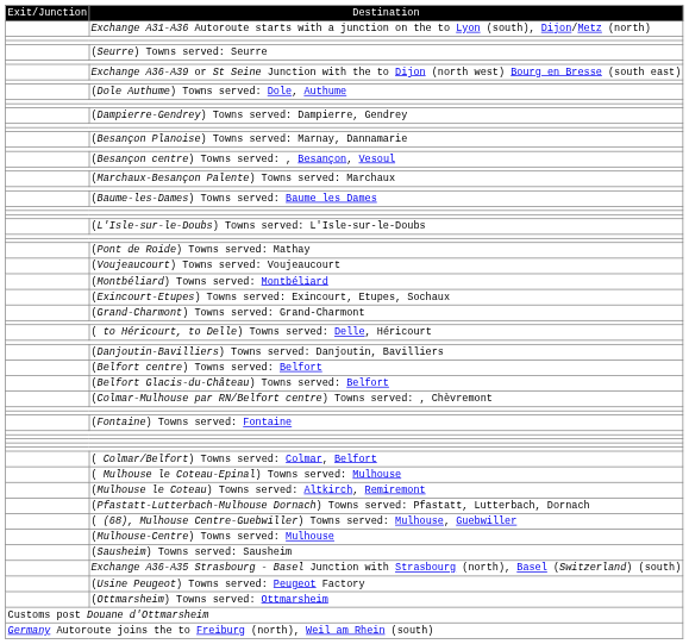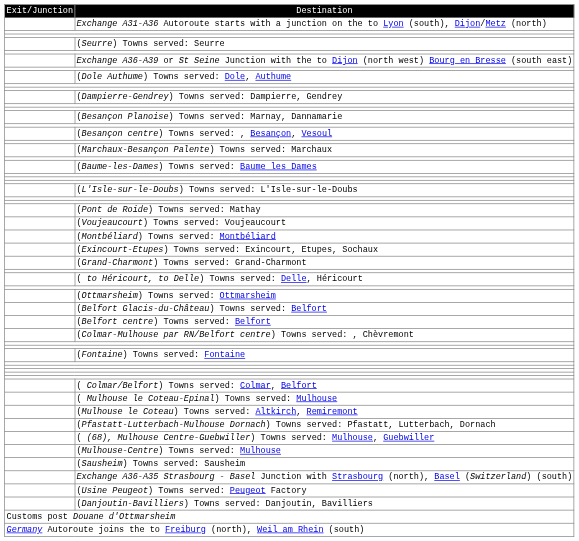 <table border=1 cellpadding=2 style="margin-left:1em; margin-bottom: 1em; color: black; border-collapse: collapse; font-size: 95%;">
 <tr align="center" bgcolor="000000" style="color: white">
 <td>Exit/Junction</td>
 <td>Destination</td>
 </tr>
 <tr>
 <td></td>
 <td><em>Exchange A31-A36</em> Autoroute starts with a junction on the <em></em> to <a href='#'>Lyon</a> (south), <a href='#'>Dijon</a>/<a href='#'>Metz</a> (north)</td>
 </tr>
 <tr>
 <td colspan="2"></td>
 </tr>
 <tr>
 <td colspan="2"></td>
 </tr>
 <tr>
 <td></td>
 <td>(<em>Seurre</em>) Towns served: Seurre</td>
 </tr>
 <tr>
 <td colspan="2"></td>
 </tr>
 <tr>
 <td></td>
 <td><em>Exchange A36-A39</em> or <em>St Seine</em> Junction with the <em></em> to <a href='#'>Dijon</a> (north west) <a href='#'>Bourg en Bresse</a> (south east)</td>
 </tr>
 <tr>
 <td colspan="2"></td>
 </tr>
 <tr>
 <td></td>
 <td>(<em>Dole Authume</em>) Towns served: <a href='#'>Dole</a>, <a href='#'>Authume</a></td>
 </tr>
 <tr>
 <td colspan="2"></td>
 </tr>
 <tr>
 <td colspan="2"></td>
 </tr>
 <tr>
 <td></td>
 <td>(<em>Dampierre-Gendrey</em>) Towns served: Dampierre, Gendrey</td>
 </tr>
 <tr>
 <td colspan="2"></td>
 </tr>
 <tr>
 <td colspan="2"></td>
 </tr>
 <tr>
 <td></td>
 <td>(<em>Besançon Planoise</em>) Towns served: Marnay, Dannamarie</td>
 </tr>
 <tr>
 <td colspan="2"></td>
 </tr>
 <tr>
 <td></td>
 <td>(<em>Besançon centre</em>) Towns served:  <strong><em></em></strong>, <a href='#'>Besançon</a>, <a href='#'>Vesoul</a></td>
 </tr>
 <tr>
 <td colspan="2"></td>
 </tr>
 <tr>
 <td></td>
 <td>(<em>Marchaux-Besançon Palente</em>) Towns served: Marchaux</td>
 </tr>
 <tr>
 <td colspan="2"></td>
 </tr>
 <tr>
 <td></td>
 <td>(<em>Baume-les-Dames</em>) Towns served: <a href='#'>Baume les Dames</a></td>
 </tr>
 <tr>
 <td colspan="2"></td>
 </tr>
 <tr>
 <td colspan="2"></td>
 </tr>
 <tr>
 <td colspan="2"></td>
 </tr>
 <tr>
 <td></td>
 <td>(<em>L'Isle-sur-le-Doubs</em>) Towns served: L'Isle-sur-le-Doubs</td>
 </tr>
 <tr>
 <td colspan="2"></td>
 </tr>
 <tr>
 <td colspan="2"></td>
 </tr>
 <tr>
 <td></td>
 <td>(<em>Pont de Roide</em>) Towns served: Mathay</td>
 </tr>
 <tr>
 <td></td>
 <td>(<em>Voujeaucourt</em>) Towns served: Voujeaucourt</td>
 </tr>
 <tr>
 <td></td>
 <td>(<em>Montbéliard</em>) Towns served: <a href='#'>Montbéliard</a></td>
 </tr>
 <tr>
 <td></td>
 <td>(<em>Exincourt-Etupes</em>) Towns served: Exincourt, Etupes, Sochaux</td>
 </tr>
 <tr>
 <td></td>
 <td>(<em>Grand-Charmont</em>) Towns served: Grand-Charmont</td>
 </tr>
 <tr>
 <td colspan="2"></td>
 </tr>
 <tr>
 <td></td>
 <td>(<strong><em></em></strong> <em>to Héricourt, <strong></strong> to Delle</em>) Towns served: <a href='#'>Delle</a>, Héricourt</td>
 </tr>
 <tr>
 <td colspan="2"></td>
 </tr>
 <tr>
 <td></td>
-<td>(<em>Danjoutin-Bavilliers</em>) Towns served: Danjoutin, Bavilliers</td>
+<td>(<em>Ottmarsheim</em>) Towns served: <a href='#'>Ottmarsheim</a></td>
+</tr>
+<tr>
+<td></td>
+<td>(<em>Belfort Glacis-du-Château</em>) Towns served: <a href='#'>Belfort</a></td>
 </tr>
 <tr>
 <td></td>
 <td>(<em>Belfort centre</em>) Towns served: <a href='#'>Belfort</a></td>
-</tr>
-<tr>
-<td></td>
-<td>(<em>Belfort Glacis-du-Château</em>) Towns served: <a href='#'>Belfort</a></td>
 </tr>
 <tr>
 <td></td>
 <td>(<em>Colmar-Mulhouse par RN/Belfort centre</em>) Towns served: <strong><em></em></strong>, Chèvremont</td>
 </tr>
 <tr>
 <td colspan="2"></td>
 </tr>
 <tr>
 <td colspan="2"></td>
 </tr>
 <tr>
 <td></td>
 <td>(<em>Fontaine</em>) Towns served: <a href='#'>Fontaine</a></td>
 </tr>
 <tr>
 <td colspan="2"></td>
 </tr>
 <tr>
 <td colspan="2"></td>
 </tr>
 <tr>
 <td colspan="2"></td>
 </tr>
 <tr>
 <td colspan="2"></td>
 </tr>
 <tr>
 <td colspan="2"></td>
 </tr>
 <tr>
 <td></td>
 <td>(<strong><em></em></strong> <em>Colmar/Belfort</em>) Towns served: <a href='#'>Colmar</a>, <a href='#'>Belfort</a></td>
 </tr>
 <tr>
 <td></td>
 <td>(<strong><em></em></strong> <em>Mulhouse le Coteau-Epinal</em>) Towns served: <a href='#'>Mulhouse</a></td>
 </tr>
 <tr>
 <td></td>
 <td>(<em>Mulhouse le Coteau</em>) Towns served: <a href='#'>Altkirch</a>, <a href='#'>Remiremont</a></td>
 </tr>
 <tr>
 <td></td>
 <td>(<em>Pfastatt-Lutterbach-Mulhouse Dornach</em>) Towns served: Pfastatt, Lutterbach, Dornach</td>
 </tr>
 <tr>
 <td></td>
 <td>(<strong><em></em></strong> <em>(68), Mulhouse Centre-Guebwiller</em>) Towns served: <a href='#'>Mulhouse</a>, <a href='#'>Guebwiller</a></td>
 </tr>
 <tr>
 <td></td>
 <td>(<em>Mulhouse-Centre</em>) Towns served: <a href='#'>Mulhouse</a></td>
 </tr>
 <tr>
 <td></td>
 <td>(<em>Sausheim</em>) Towns served:  Sausheim</td>
 </tr>
 <tr>
 <td></td>
 <td><em>Exchange A36-A35 Strasbourg - Basel</em> Junction with <strong><em></em></strong> <a href='#'>Strasbourg</a> (north), <a href='#'>Basel</a> (<em>Switzerland</em>) (south)</td>
 </tr>
 <tr>
 <td></td>
 <td>(<em>Usine Peugeot</em>) Towns served: <a href='#'>Peugeot</a> Factory</td>
 </tr>
 <tr>
 <td></td>
-<td>(<em>Ottmarsheim</em>) Towns served: <a href='#'>Ottmarsheim</a></td>
+<td>(<em>Danjoutin-Bavilliers</em>) Towns served: Danjoutin, Bavilliers</td>
 </tr>
 <tr>
 <td colspan="2">Customs post <em>Douane d'Ottmarsheim</em></td>
 </tr>
 <tr>
 <td colspan="2"> <em><a href='#'>Germany</a></em> Autoroute joins the <strong><em></em></strong> to <a href='#'>Freiburg</a> (north), <a href='#'>Weil am Rhein</a> (south)</td>
 </tr>
 </table>
